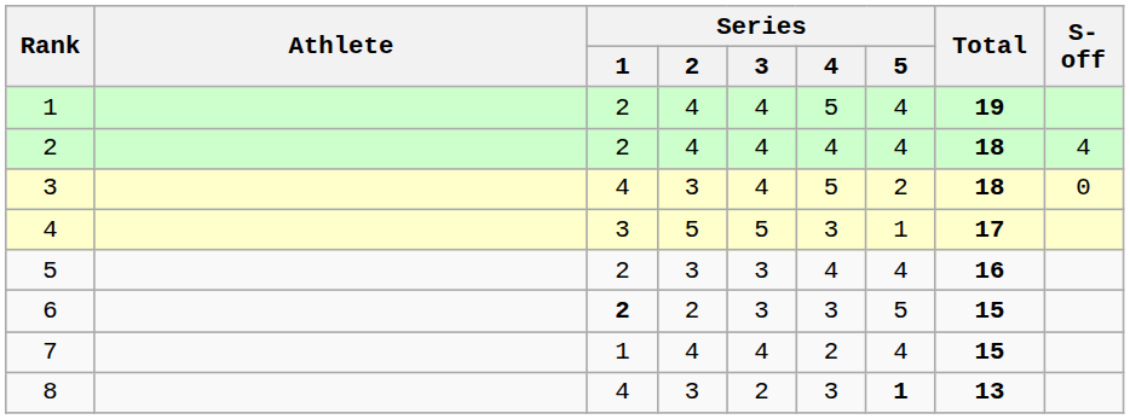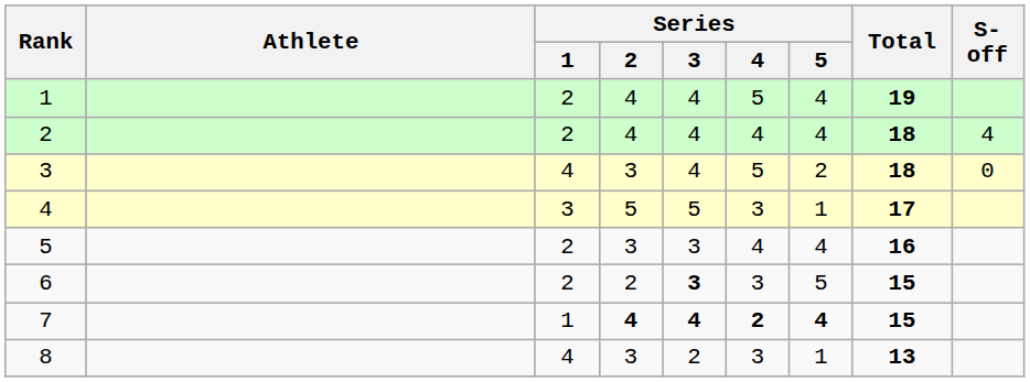 <table class="wikitable" style="text-align:center">
 <tr>
 <th rowspan=2 width=40>Rank</th>
 <th rowspan=2 width=250>Athlete</th>
 <th colspan=5>Series</th>
 <th rowspan=2 width=50>Total</th>
 <th rowspan=2 width=35>S-off</th>
 </tr>
 <tr>
 <th width=30>1</th>
 <th width=30>2</th>
 <th width=30>3</th>
 <th width=30>4</th>
 <th width=30>5</th>
 </tr>
 <tr bgcolor=ccffcc>
 <td>1</td>
 <td align=left></td>
 <td>2</td>
 <td>4</td>
 <td>4</td>
 <td>5</td>
 <td>4</td>
 <td><strong>19</strong></td>
 <td></td>
 </tr>
 <tr bgcolor=ccffcc>
 <td>2</td>
 <td align=left></td>
 <td>2</td>
 <td>4</td>
 <td>4</td>
 <td>4</td>
 <td>4</td>
 <td><strong>18</strong></td>
 <td>4</td>
 </tr>
 <tr bgcolor=ffffcc>
 <td>3</td>
 <td align=left></td>
 <td>4</td>
 <td>3</td>
 <td>4</td>
 <td>5</td>
 <td>2</td>
 <td><strong>18</strong></td>
 <td>0</td>
 </tr>
 <tr bgcolor=ffffcc>
 <td>4</td>
 <td align=left></td>
 <td>3</td>
 <td>5</td>
 <td>5</td>
 <td>3</td>
 <td>1</td>
 <td><strong>17</strong></td>
 <td></td>
 </tr>
 <tr>
 <td>5</td>
 <td align=left></td>
 <td>2</td>
 <td>3</td>
 <td>3</td>
 <td>4</td>
 <td>4</td>
 <td><strong>16</strong></td>
 <td></td>
 </tr>
 <tr>
 <td>6</td>
 <td align=left></td>
-<td><strong>2</strong></td>
 <td>2</td>
-<td>3</td>
+<td>2</td>
+<td><strong>3</strong></td>
 <td>3</td>
 <td>5</td>
 <td><strong>15</strong></td>
 <td></td>
 </tr>
 <tr>
 <td>7</td>
 <td align=left></td>
 <td>1</td>
-<td>4</td>
-<td>4</td>
-<td>2</td>
-<td>4</td>
+<td><strong>4</strong></td>
+<td><strong>4</strong></td>
+<td><strong>2</strong></td>
+<td><strong>4</strong></td>
 <td><strong>15</strong></td>
 <td></td>
 </tr>
 <tr>
 <td>8</td>
 <td align=left></td>
 <td>4</td>
 <td>3</td>
 <td>2</td>
 <td>3</td>
-<td><strong>1</strong></td>
+<td>1</td>
 <td><strong>13</strong></td>
 <td></td>
 </tr>
 </table>
